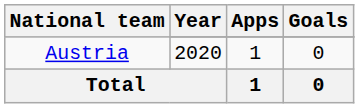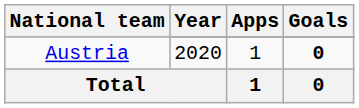 <table class="wikitable" style="text-align:center">
 <tr>
 <th>National team</th>
 <th>Year</th>
 <th>Apps</th>
 <th>Goals</th>
 </tr>
 <tr>
 <td rowspan=2><a href='#'>Austria</a></td>
 </tr>
 <tr>
 <td>2020</td>
 <td>1</td>
-<td>0</td>
+<td><strong>0</strong></td>
 </tr>
 <tr>
 <th colspan="2">Total</th>
 <th>1</th>
 <th>0</th>
 </tr>
 </table>
